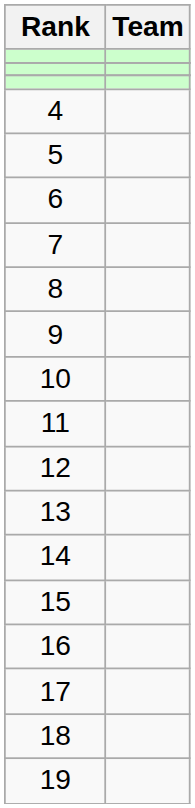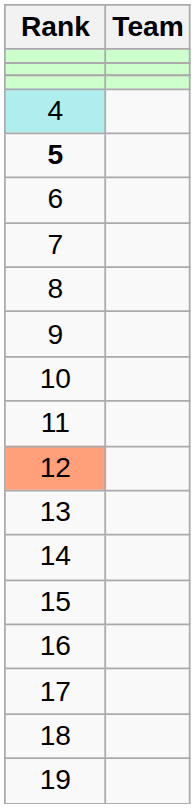 <table class="wikitable" style="text-align: center">
 <tr>
 <th width=50>Rank</th>
 <th>Team</th>
 </tr>
 <tr bgcolor=ccffcc>
 <td></td>
 <td align=left></td>
 </tr>
 <tr>
 </tr>
 <tr bgcolor=ccffcc>
 <td></td>
 <td align=left></td>
 </tr>
 <tr>
 </tr>
 <tr bgcolor=ccffcc>
 <td></td>
 <td align=left></td>
 </tr>
 <tr>
-<td>4</td>
+<td style="background: paleturquoise;">4</td>
 <td align=left></td>
 </tr>
 <tr>
-<td>5</td>
+<td><strong>5</strong></td>
 <td align=left></td>
 </tr>
 <tr>
 <td>6</td>
 <td align=left></td>
 </tr>
 <tr>
 <td>7</td>
 <td align=left></td>
 </tr>
 <tr>
 <td>8</td>
 <td align=left></td>
 </tr>
 <tr>
 <td>9</td>
 <td align=left></td>
 </tr>
 <tr>
 <td>10</td>
 <td align=left></td>
 </tr>
 <tr>
 <td>11</td>
 <td align=left></td>
 </tr>
 <tr>
-<td>12</td>
+<td style="background: lightsalmon;">12</td>
 <td align=left></td>
 </tr>
 <tr>
 <td>13</td>
 <td align=left></td>
 </tr>
 <tr>
 <td>14</td>
 <td align=left></td>
 </tr>
 <tr>
 <td>15</td>
 <td align=left></td>
 </tr>
 <tr>
 <td>16</td>
 <td align=left></td>
 </tr>
 <tr>
 <td>17</td>
 <td align=left></td>
 </tr>
 <tr>
 <td>18</td>
 <td align=left></td>
 </tr>
 <tr>
 <td>19</td>
 <td align=left></td>
 </tr>
 </table>
